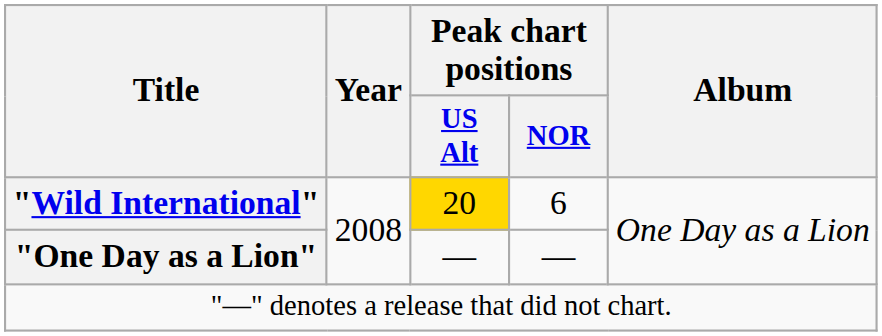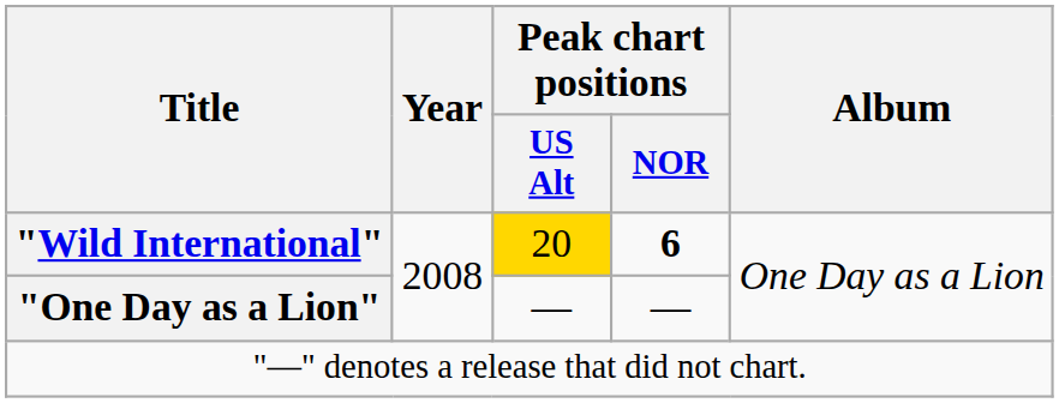 <table class="wikitable plainrowheaders">
 <tr>
 <th rowspan="2">Title</th>
 <th rowspan="2">Year</th>
 <th colspan="2">Peak chart positions</th>
 <th rowspan="2">Album</th>
 </tr>
 <tr>
 <th style="width:3em;font-size:85%"><a href='#'>US<br>Alt</a><br></th>
 <th style="width:3em;font-size:85%"><a href='#'>NOR</a><br></th>
 </tr>
 <tr>
 <th scope="row">"<a href='#'>Wild International</a>"</th>
 <td align="center" rowspan="2">2008</td>
 <td align="center" style="background: gold;">20</td>
-<td align="center">6</td>
+<td align="center"><strong>6</strong></td>
 <td rowspan="2"><em>One Day as a Lion</em></td>
 </tr>
 <tr>
 <th scope="row">"One Day as a Lion"</th>
 <td align="center">—</td>
 <td align="center">—</td>
 </tr>
 <tr>
 <td align="center" colspan="10" style="font-size: 85%">"—" denotes a release that did not chart.</td>
 </tr>
 </table>
